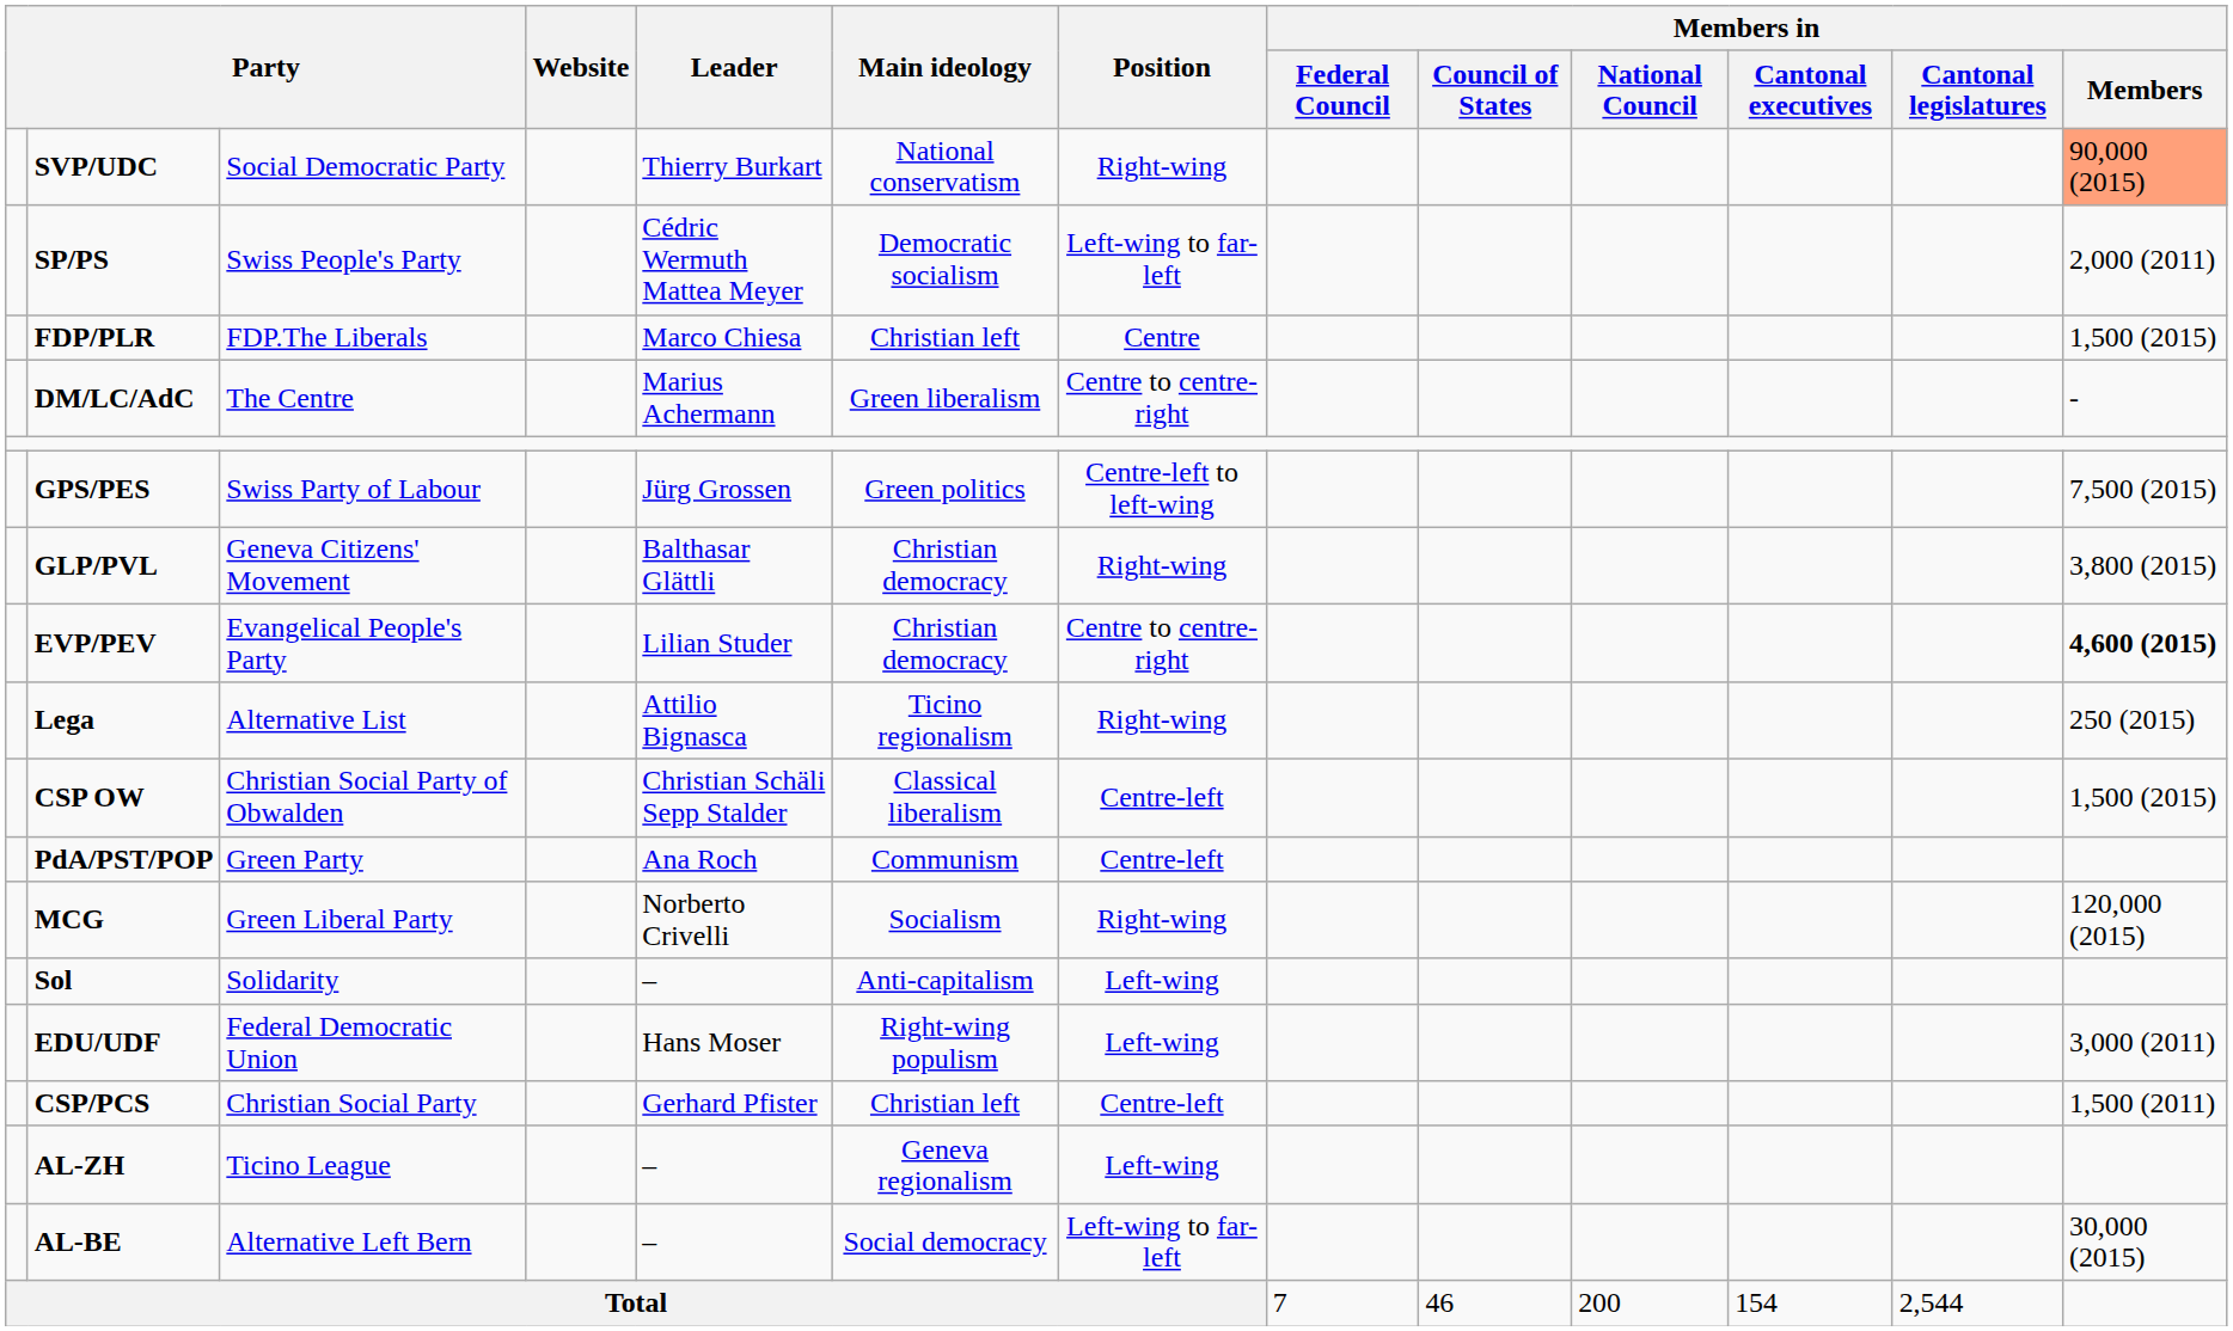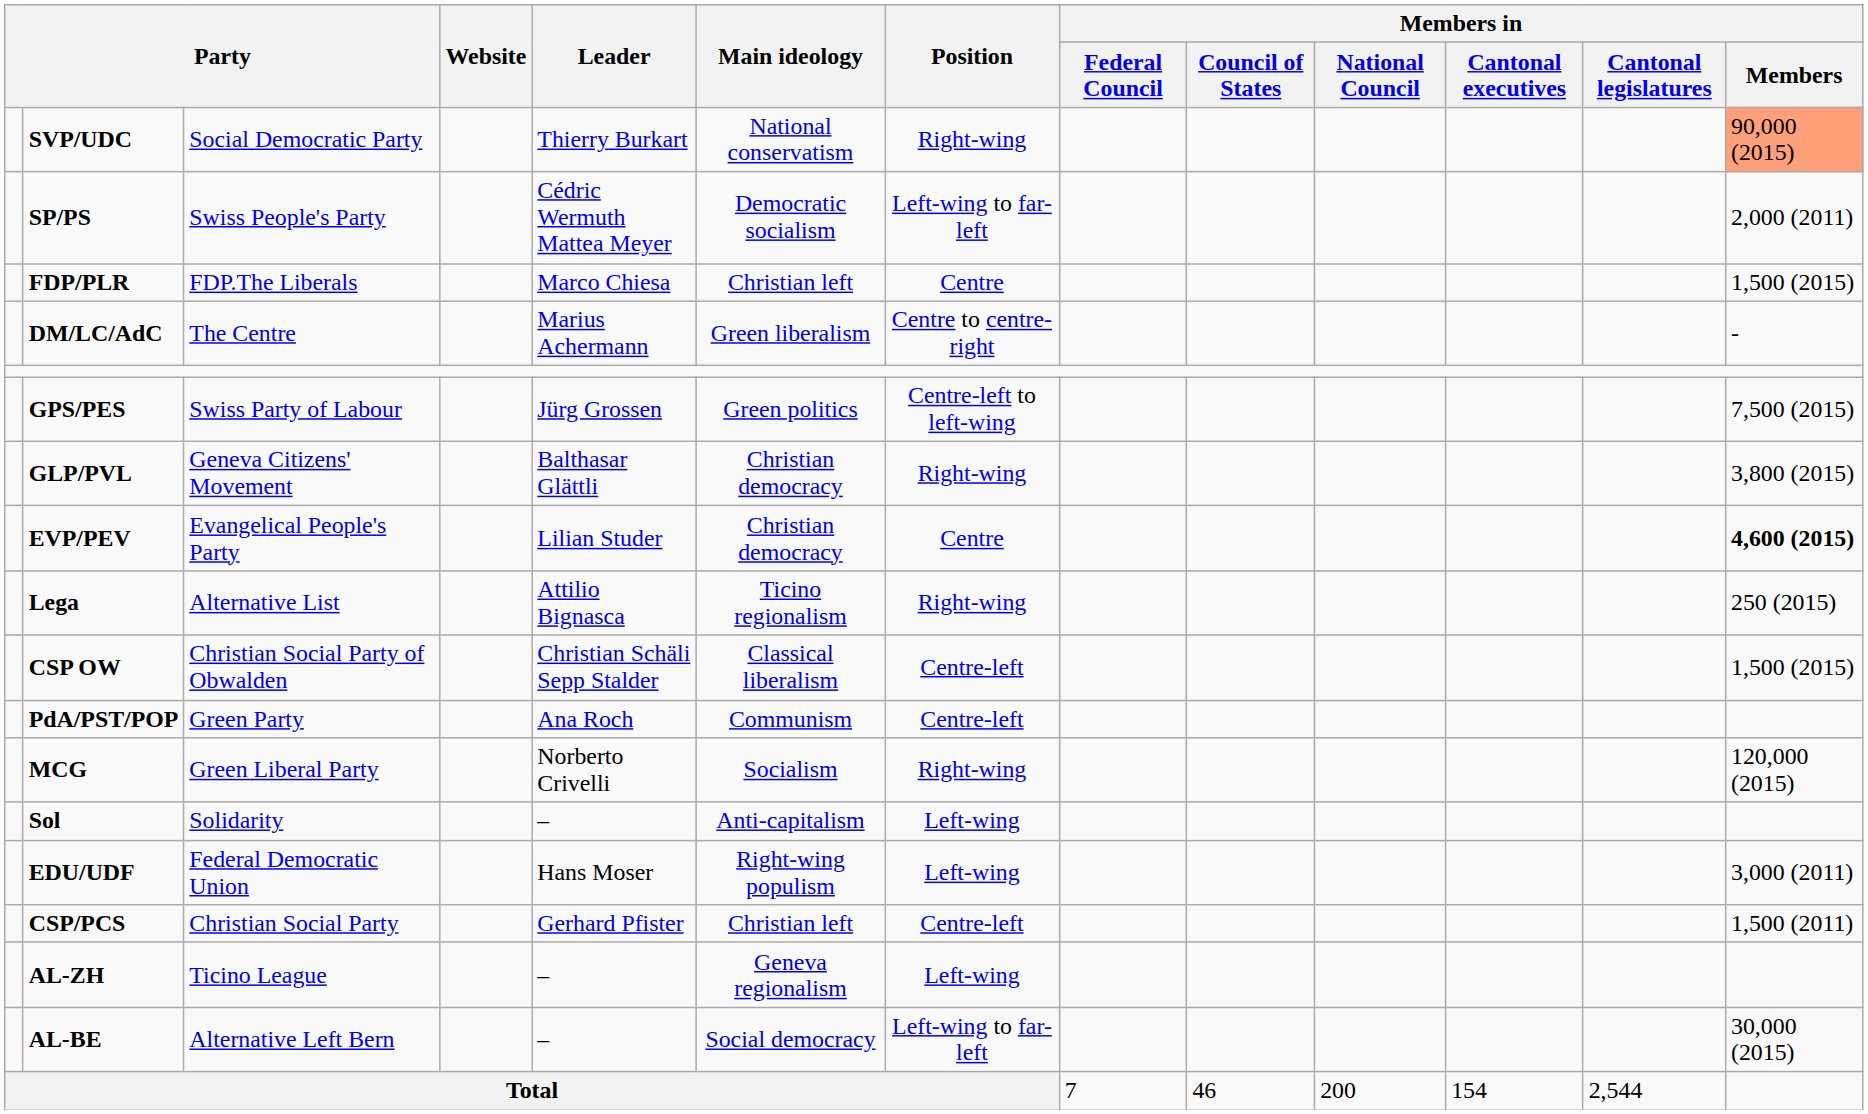 <table class="wikitable sortable">
 <tr ->
 <th colspan="3" rowspan="2">Party</th>
 <th rowspan="2">Website</th>
 <th rowspan="2">Leader</th>
 <th rowspan="2">Main ideology</th>
 <th rowspan="2">Position</th>
 <th colspan="6">Members in</th>
 </tr>
 <tr - class="expand-child">
 <th style="max-width:6em;"><a href='#'>Federal Council</a></th>
 <th style="max-width:6em;"><a href='#'>Council of States</a></th>
 <th style="max-width:6em;"><a href='#'>National Council</a></th>
 <th style="max-width:6em;"><a href='#'>Cantonal executives</a></th>
 <th style="max-width:6em;"><a href='#'>Cantonal legislatures</a></th>
 <th>Members</th>
 </tr>
 <tr ->
 <td width=5px style="background-color: "></td>
 <td><strong>SVP/UDC</strong></td>
 <td><a href='#'>Social Democratic Party</a></td>
 <td></td>
 <td><a href='#'>Thierry Burkart</a></td>
 <td style="text-align:center;"><a href='#'>National conservatism</a></td>
 <td style="text-align:center;"><a href='#'>Right-wing</a></td>
 <td><strong></strong></td>
 <td></td>
 <td></td>
 <td></td>
 <td></td>
 <td style="background: lightsalmon;">90,000 (2015)</td>
 </tr>
 <tr ->
 <td style="background-color: "></td>
 <td><strong>SP/PS</strong></td>
 <td><a href='#'>Swiss People's Party</a></td>
 <td></td>
 <td><a href='#'>Cédric Wermuth</a><br><a href='#'>Mattea Meyer</a></td>
 <td style="text-align:center;"><a href='#'>Democratic socialism</a></td>
 <td style="text-align:center;"><a href='#'>Left-wing</a> to <a href='#'>far-left</a></td>
 <td><strong></strong></td>
 <td></td>
 <td></td>
 <td></td>
 <td></td>
 <td>2,000 (2011)</td>
 </tr>
 <tr ->
 <td style="background-color: "></td>
 <td><strong>FDP/PLR</strong></td>
 <td><a href='#'>FDP.The Liberals</a></td>
 <td></td>
 <td><a href='#'>Marco Chiesa</a></td>
 <td style="text-align:center;"><a href='#'>Christian left</a></td>
 <td style="text-align:center;"><a href='#'>Centre</a></td>
 <td><strong></strong></td>
 <td></td>
 <td></td>
 <td></td>
 <td></td>
 <td>1,500 (2015)</td>
 </tr>
 <tr ->
 <td style="background-color: "></td>
 <td><strong>DM/LC/AdC</strong></td>
 <td><a href='#'>The Centre</a></td>
 <td></td>
 <td><a href='#'>Marius Achermann</a></td>
 <td style="text-align:center;"><a href='#'>Green liberalism</a></td>
 <td style="text-align:center;"><a href='#'>Centre</a> to <a href='#'>centre-right</a></td>
 <td><strong></strong></td>
 <td></td>
 <td></td>
 <td></td>
 <td></td>
 <td>-</td>
 </tr>
 <tr ->
 <td colspan="13"></td>
 </tr>
 <tr ->
 <td style="background-color: "></td>
 <td><strong>GPS/PES</strong></td>
 <td><a href='#'>Swiss Party of Labour</a></td>
 <td></td>
 <td><a href='#'>Jürg Grossen</a></td>
 <td style="text-align:center;"><a href='#'>Green politics</a></td>
 <td style="text-align:center;"><a href='#'>Centre-left</a> to <a href='#'>left-wing</a></td>
 <td></td>
 <td></td>
 <td></td>
 <td></td>
 <td></td>
 <td>7,500 (2015)</td>
 </tr>
 <tr ->
 <td style="background-color: "></td>
 <td><strong>GLP/PVL</strong></td>
 <td><a href='#'>Geneva Citizens' Movement</a></td>
 <td></td>
 <td><a href='#'>Balthasar Glättli</a></td>
 <td style="text-align:center;"><a href='#'>Christian democracy</a></td>
 <td style="text-align:center;"><a href='#'>Right-wing</a></td>
 <td></td>
 <td></td>
 <td></td>
 <td></td>
 <td></td>
 <td>3,800 (2015)</td>
 </tr>
 <tr ->
 <td style="background-color: "></td>
 <td><strong>EVP/PEV</strong></td>
 <td><a href='#'>Evangelical People's Party</a></td>
 <td></td>
 <td><a href='#'>Lilian Studer</a></td>
 <td style="text-align:center;"><a href='#'>Christian democracy</a></td>
-<td style="text-align:center;"><a href='#'>Centre</a> to <a href='#'>centre-right</a></td>
+<td style="text-align:center;"><a href='#'>Centre</a></td>
 <td></td>
 <td></td>
 <td></td>
 <td></td>
 <td></td>
 <td><strong>4,600 (2015)</strong></td>
 </tr>
 <tr>
 <td style="background-color: "></td>
 <td><strong>Lega</strong></td>
 <td><a href='#'>Alternative List</a></td>
 <td></td>
 <td><a href='#'>Attilio Bignasca</a></td>
 <td style="text-align:center;"><a href='#'>Ticino</a> <a href='#'>regionalism</a></td>
 <td style="text-align:center;"><a href='#'>Right-wing</a></td>
 <td></td>
 <td></td>
 <td></td>
 <td></td>
 <td></td>
 <td>250 (2015)</td>
 </tr>
 <tr>
 <td style="background-color: "></td>
 <td><strong>CSP OW</strong></td>
 <td><a href='#'>Christian Social Party of Obwalden</a></td>
 <td></td>
 <td><a href='#'>Christian Schäli</a><br><a href='#'>Sepp Stalder</a></td>
 <td style="text-align:center;"><a href='#'>Classical liberalism</a></td>
 <td style="text-align:center;"><a href='#'>Centre-left</a></td>
 <td></td>
 <td></td>
 <td></td>
 <td></td>
 <td></td>
 <td>1,500 (2015)</td>
 </tr>
 <tr>
 <td style="background-color: "></td>
 <td><strong>PdA/PST/POP</strong></td>
 <td><a href='#'>Green Party</a></td>
 <td></td>
 <td><a href='#'>Ana Roch</a></td>
 <td style="text-align:center;"><a href='#'>Communism</a></td>
 <td style="text-align:center;"><a href='#'>Centre-left</a></td>
 <td></td>
 <td></td>
 <td></td>
 <td></td>
 <td></td>
 <td></td>
 </tr>
 <tr>
 <td style="background-color: "></td>
 <td><strong>MCG</strong></td>
 <td><a href='#'>Green Liberal Party</a></td>
 <td></td>
 <td>Norberto Crivelli</td>
 <td style="text-align:center;"><a href='#'>Socialism</a></td>
 <td style="text-align:center;"><a href='#'>Right-wing</a></td>
 <td></td>
 <td></td>
 <td></td>
 <td></td>
 <td></td>
 <td>120,000 (2015)</td>
 </tr>
 <tr>
 <td style="background-color: "></td>
 <td><strong>Sol</strong></td>
 <td><a href='#'>Solidarity</a></td>
 <td></td>
 <td>–</td>
 <td style="text-align:center;"><a href='#'>Anti-capitalism</a></td>
 <td style="text-align:center;"><a href='#'>Left-wing</a></td>
 <td></td>
 <td></td>
 <td></td>
 <td></td>
 <td></td>
 <td></td>
 </tr>
 <tr>
 <td style="background-color: "></td>
 <td><strong>EDU/UDF</strong></td>
 <td><a href='#'>Federal Democratic Union</a></td>
 <td></td>
 <td>Hans Moser</td>
 <td style="text-align:center;"><a href='#'>Right-wing populism</a></td>
 <td style="text-align:center;"><a href='#'>Left-wing</a></td>
 <td></td>
 <td></td>
 <td></td>
 <td></td>
 <td></td>
 <td>3,000 (2011)</td>
 </tr>
 <tr>
 <td style="background-color: "></td>
 <td><strong>CSP/PCS</strong></td>
 <td><a href='#'>Christian Social Party</a></td>
 <td></td>
 <td><a href='#'>Gerhard Pfister</a></td>
 <td style="text-align:center;"><a href='#'>Christian left</a></td>
 <td style="text-align:center;"><a href='#'>Centre-left</a></td>
 <td></td>
 <td></td>
 <td></td>
 <td></td>
 <td></td>
 <td>1,500 (2011)</td>
 </tr>
 <tr>
 <td style="background-color: "></td>
 <td><strong>AL-ZH</strong></td>
 <td><a href='#'>Ticino League</a></td>
 <td></td>
 <td>–</td>
 <td style="text-align:center;"><a href='#'>Geneva</a> <a href='#'>regionalism</a></td>
 <td style="text-align:center;"><a href='#'>Left-wing</a></td>
 <td></td>
 <td></td>
 <td></td>
 <td></td>
 <td></td>
 <td></td>
 </tr>
 <tr>
 <td style="background-color: "></td>
 <td><strong>AL-BE</strong></td>
 <td><a href='#'>Alternative Left Bern</a></td>
 <td></td>
 <td>–</td>
 <td style="text-align:center;"><a href='#'>Social democracy</a></td>
 <td style="text-align:center;"><a href='#'>Left-wing</a> to <a href='#'>far-left</a></td>
 <td></td>
 <td></td>
 <td></td>
 <td></td>
 <td></td>
 <td>30,000 (2015)</td>
 </tr>
 <tr - class="sortbottom table-rh">
 <th colspan="7">Total</th>
 <td>7</td>
 <td>46</td>
 <td>200</td>
 <td>154</td>
 <td>2,544</td>
 <td></td>
 </tr>
 </table>
